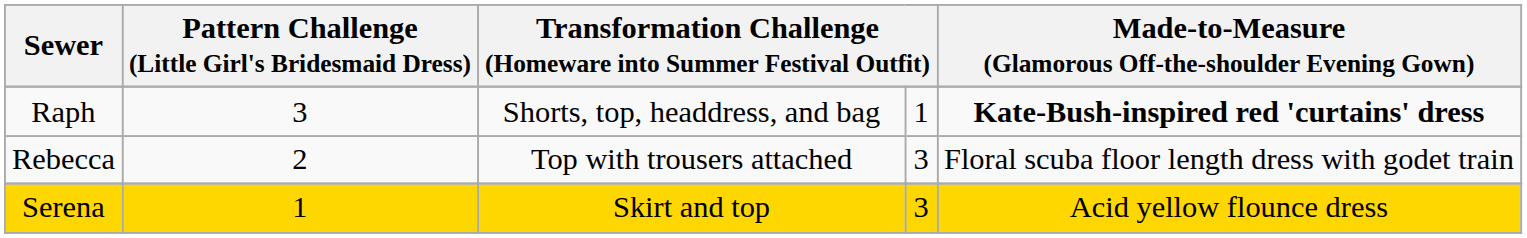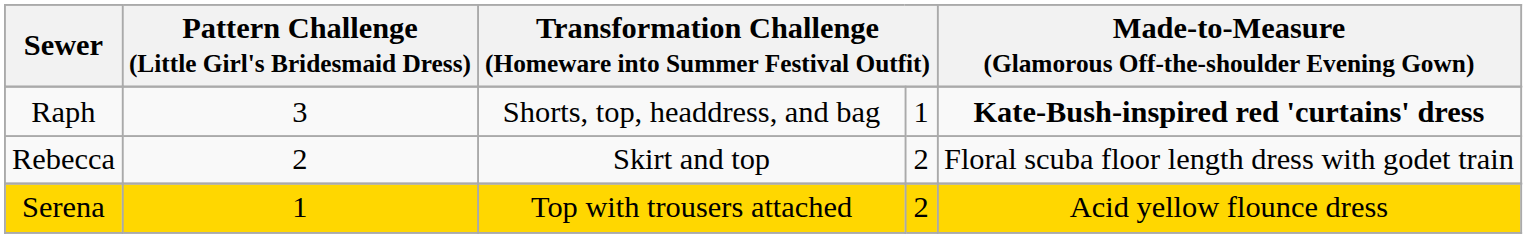 <table class="wikitable" style="text-align:center;">
 <tr>
 <th>Sewer</th>
 <th>Pattern Challenge<br><small>(Little Girl's Bridesmaid Dress)</small></th>
 <th colspan="2">Transformation Challenge<br><small>(Homeware into Summer Festival Outfit)</small></th>
 <th>Made-to-Measure<br><small>(Glamorous Off-the-shoulder Evening Gown)</small></th>
 </tr>
 <tr>
 </tr>
 <tr>
 </tr>
 <tr>
 <td>Raph</td>
 <td>3</td>
 <td>Shorts, top, headdress, and bag</td>
 <td>1</td>
 <td><strong>Kate-Bush-inspired red 'curtains' dress</strong></td>
 </tr>
 <tr>
 <td>Rebecca</td>
 <td>2</td>
-<td>Top with trousers attached</td>
-<td>3</td>
+<td>Skirt and top</td>
+<td>2</td>
 <td>Floral scuba floor length dress with godet train</td>
 </tr>
 <tr>
 </tr>
 <tr style="background:Gold">
 <td>Serena</td>
 <td>1</td>
-<td>Skirt and top</td>
-<td>3</td>
+<td>Top with trousers attached</td>
+<td>2</td>
 <td>Acid yellow flounce dress</td>
 </tr>
 </table>
